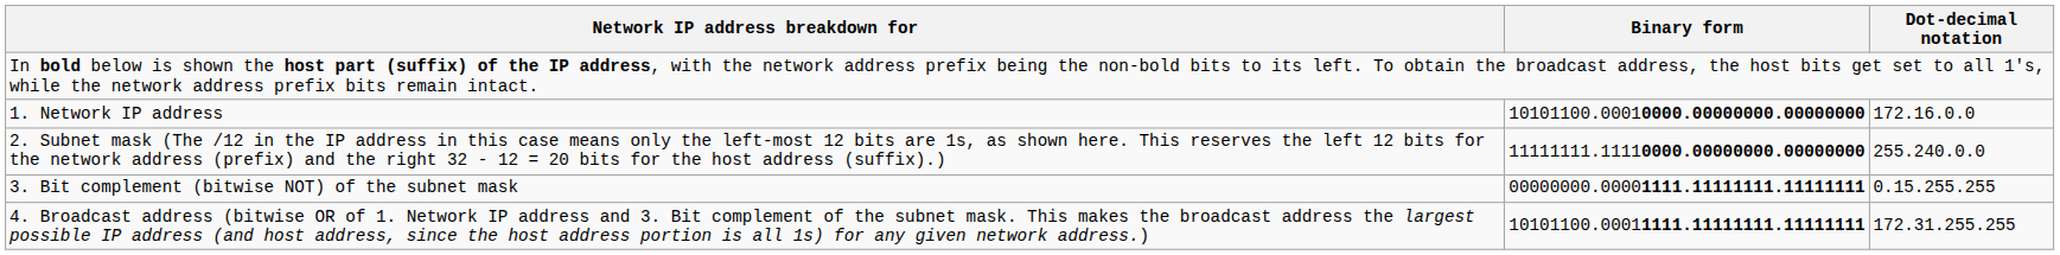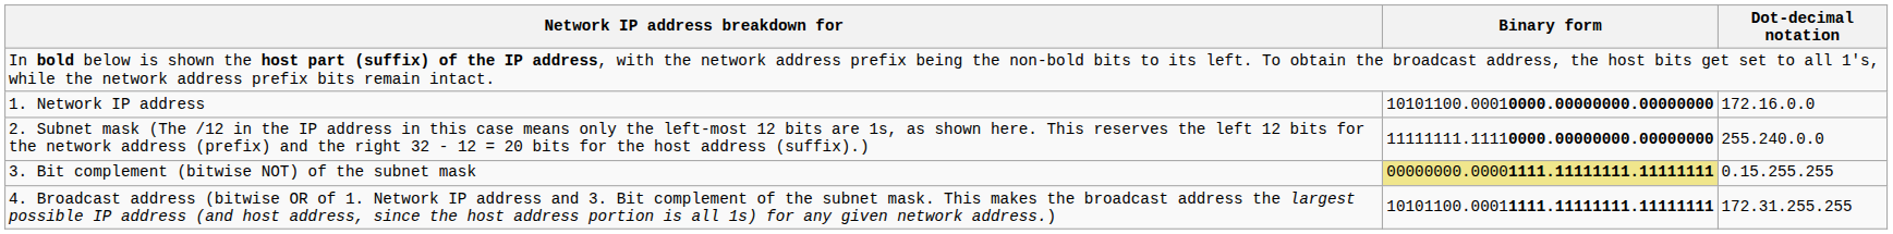 <table class="wikitable" style="margin:left;">
 <tr>
 <th>Network IP address breakdown for </th>
 <th>Binary form</th>
 <th>Dot-decimal notation</th>
 </tr>
 <tr>
 <td colspan=3>In <strong>bold</strong> below is shown the <strong>host part (suffix) of the IP address</strong>, with the network address prefix being the non-bold bits to its left. To obtain the broadcast address, the host bits get set to all 1's, while the network address prefix bits remain intact.</td>
 </tr>
 <tr>
 <td>1. Network IP address</td>
 <td><code>10101100.0001<strong>0000.00000000.00000000</strong></code></td>
 <td>172.16.0.0</td>
 </tr>
 <tr>
 <td>2. Subnet mask (The /12 in the IP address in this case means only the left-most 12 bits are 1s, as shown here. This reserves the left 12 bits for the network address (prefix) and the right <code>32 - 12 = 20</code> bits for the host address (suffix).)</td>
 <td><code>11111111.1111<strong>0000.00000000.00000000</strong></code></td>
 <td>255.240.0.0</td>
 </tr>
 <tr>
 <td>3. Bit complement (bitwise NOT) of the subnet mask</td>
-<td><code>00000000.0000<strong>1111.11111111.11111111</strong></code></td>
+<td style="background: khaki;"><code>00000000.0000<strong>1111.11111111.11111111</strong></code></td>
 <td>0.15.255.255</td>
 </tr>
 <tr>
 <td>4. Broadcast address (bitwise OR of 1. Network IP address and 3. Bit complement of the subnet mask. This makes the broadcast address the <em>largest possible IP address (and host address, since the host address portion is all 1s) for any given network address.</em>)</td>
 <td><code>10101100.0001<strong>1111.11111111.11111111</strong></code></td>
 <td>172.31.255.255</td>
 </tr>
 </table>
